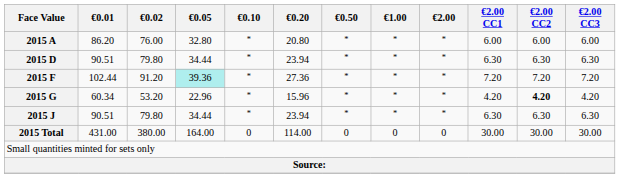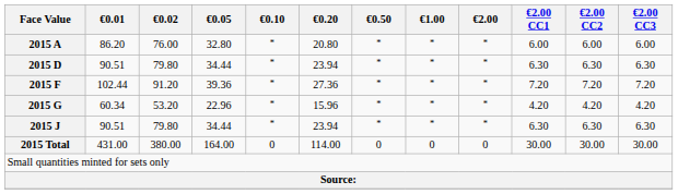 <table class="wikitable" style="text-align:center">
 <tr>
 <th align=left width=110px>Face Value</th>
 <th align=left width=70px>€0.01</th>
 <th align=left width=70px>€0.02</th>
 <th align=left width=70px>€0.05</th>
 <th align=left width=70px>€0.10</th>
 <th align=left width=70px>€0.20</th>
 <th align=left width=70px>€0.50</th>
 <th align=left width=70px>€1.00</th>
 <th align=left width=70px>€2.00</th>
 <th align=left width=70px><a href='#'>€2.00 CC1</a></th>
 <th align=left width=70px><a href='#'>€2.00 CC2</a></th>
 <th align=left width=70px><a href='#'>€2.00 CC3</a></th>
 </tr>
 <tr>
 <th>2015 A</th>
 <td>86.20</td>
 <td>76.00</td>
 <td>32.80</td>
 <td><sup>*</sup></td>
 <td>20.80</td>
 <td><sup>*</sup></td>
 <td><sup>*</sup></td>
 <td><sup>*</sup></td>
 <td>6.00</td>
 <td>6.00</td>
 <td>6.00</td>
 </tr>
 <tr>
 <th>2015 D</th>
 <td>90.51</td>
 <td>79.80</td>
 <td>34.44</td>
 <td><sup>*</sup></td>
 <td>23.94</td>
 <td><sup>*</sup></td>
 <td><sup>*</sup></td>
 <td><sup>*</sup></td>
 <td>6.30</td>
 <td>6.30</td>
 <td>6.30</td>
 </tr>
 <tr>
 <th>2015 F</th>
 <td>102.44</td>
 <td>91.20</td>
-<td style="background: paleturquoise;">39.36</td>
+<td>39.36</td>
 <td><sup>*</sup></td>
 <td>27.36</td>
 <td><sup>*</sup></td>
 <td><sup>*</sup></td>
 <td><sup>*</sup></td>
 <td>7.20</td>
 <td>7.20</td>
 <td>7.20</td>
 </tr>
 <tr>
 <th>2015 G</th>
 <td>60.34</td>
 <td>53.20</td>
 <td>22.96</td>
 <td><sup>*</sup></td>
 <td>15.96</td>
 <td><sup>*</sup></td>
 <td><sup>*</sup></td>
 <td><sup>*</sup></td>
 <td>4.20</td>
-<td><strong>4.20</strong></td>
+<td>4.20</td>
 <td>4.20</td>
 </tr>
 <tr>
 <th>2015 J</th>
 <td>90.51</td>
 <td>79.80</td>
 <td>34.44</td>
 <td><sup>*</sup></td>
 <td>23.94</td>
 <td><sup>*</sup></td>
 <td><sup>*</sup></td>
 <td><sup>*</sup></td>
 <td>6.30</td>
 <td>6.30</td>
 <td>6.30</td>
 </tr>
 <tr>
 <th>2015 Total</th>
 <td>431.00</td>
 <td>380.00</td>
 <td>164.00</td>
 <td>0</td>
 <td>114.00</td>
 <td>0</td>
 <td>0</td>
 <td>0</td>
 <td>30.00</td>
 <td>30.00</td>
 <td>30.00</td>
 </tr>
 <tr>
 <td align=left colspan=12> Small quantities minted for sets only</td>
 </tr>
 <tr>
 <th colspan=12>Source:</th>
 </tr>
 <tr>
 </tr>
 </table>
